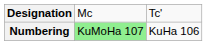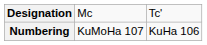 <table class="wikitable">
 <tr>
 <th>Designation</th>
 <td>Mc</td>
 <td>Tc'</td>
 </tr>
 <tr>
 <th>Numbering</th>
-<td style="background: lightgreen;">KuMoHa 107</td>
+<td>KuMoHa 107</td>
 <td>KuHa 106</td>
 </tr>
 </table>
